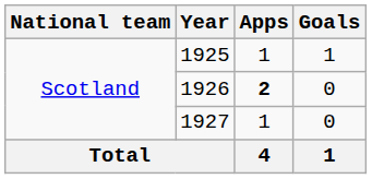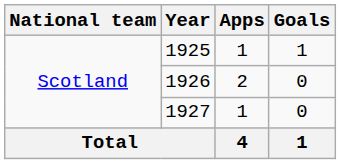 <table class="wikitable" style="text-align:center">
 <tr>
 <th>National team</th>
 <th>Year</th>
 <th>Apps</th>
 <th>Goals</th>
 </tr>
 <tr>
 <td rowspan="3"><a href='#'>Scotland</a></td>
 <td>1925</td>
 <td>1</td>
 <td>1</td>
 </tr>
 <tr>
 <td>1926</td>
-<td><strong>2</strong></td>
+<td>2</td>
 <td>0</td>
 </tr>
 <tr>
 <td>1927</td>
 <td>1</td>
 <td>0</td>
 </tr>
 <tr>
 <th colspan="2">Total</th>
 <th>4</th>
 <th>1</th>
 </tr>
 </table>
